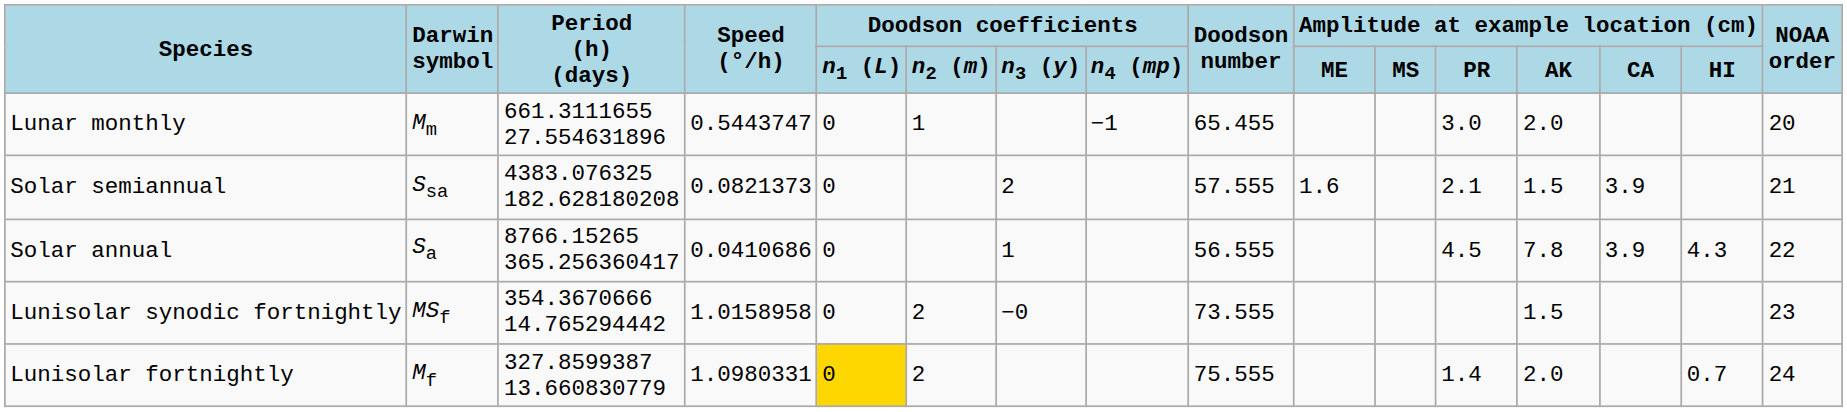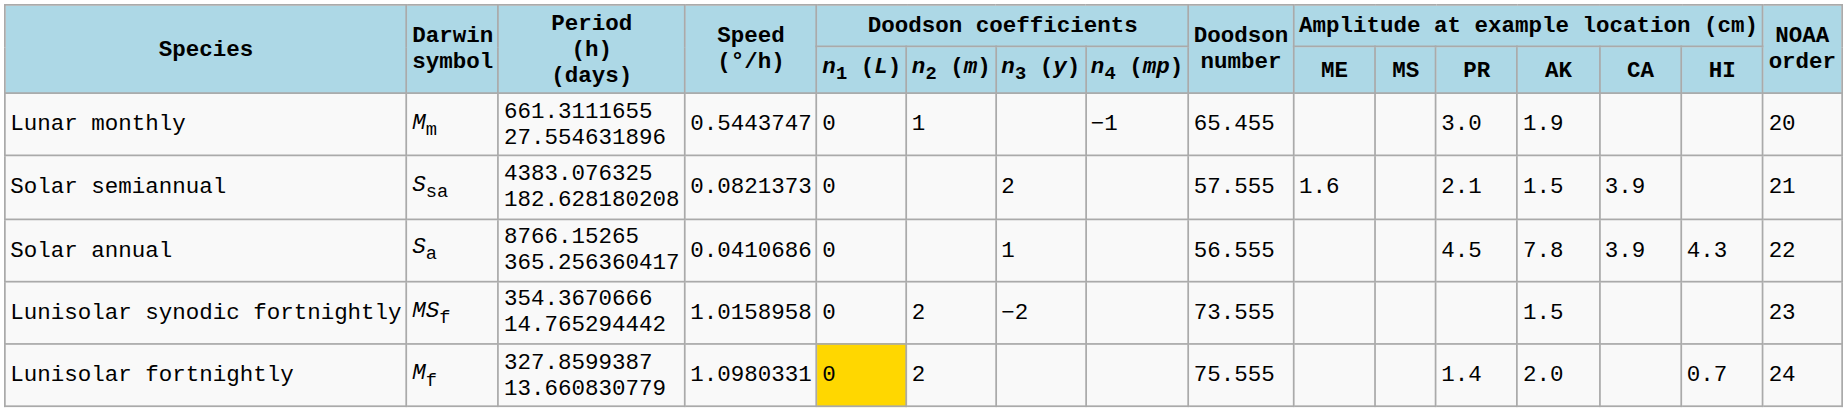 <table class="wikitable" border:1; cellpadding:0; cellspacing:0; style="vertical-align:top; align:left;">
 <tr>
 <th rowspan="2" style="background-color:lightblue;">Species</th>
 <th rowspan="2" style="background-color:lightblue;">Darwin <br>symbol</th>
 <th rowspan="2" style="background-color:lightblue;">Period <br>(h)<br>(days)</th>
 <th rowspan="2" style="background-color:lightblue;">Speed <br>(°/h)</th>
 <th colspan="4" style="background-color:lightblue;">Doodson coefficients</th>
 <th rowspan="2" style="background-color:lightblue;">Doodson <br>number</th>
 <th colspan="6" style="background-color:lightblue;">Amplitude at example location (cm)</th>
 <th rowspan="2" style="background-color:lightblue;">NOAA <br>order</th>
 </tr>
 <tr>
 <th style="background-color:lightblue;"><em>n</em><sub>1</sub> (<em>L</em>)</th>
 <th style="background-color:lightblue;"><em>n</em><sub>2</sub> (<em>m</em>)</th>
 <th style="background-color:lightblue;"><em>n</em><sub>3</sub> (<em>y</em>)</th>
 <th style="background-color:lightblue;"><em>n</em><sub>4</sub> (<em>mp</em>)</th>
 <th style="background-color:lightblue;">ME</th>
 <th style="background-color:lightblue;">MS</th>
 <th style="background-color:lightblue;">PR</th>
 <th style="background-color:lightblue;">AK</th>
 <th style="background-color:lightblue;">CA</th>
 <th style="background-color:lightblue;">HI</th>
 </tr>
 <tr>
 <td>Lunar monthly</td>
 <td><em>M</em><sub>m</sub></td>
 <td>661.3111655<br>27.554631896</td>
 <td>0.5443747</td>
 <td>0</td>
 <td>1</td>
 <td></td>
 <td>−1</td>
 <td>65.455</td>
 <td></td>
 <td></td>
 <td>3.0</td>
-<td>2.0</td>
+<td>1.9</td>
 <td></td>
 <td></td>
 <td>20</td>
 </tr>
 <tr>
 <td>Solar semiannual</td>
 <td><em>S</em><sub>sa</sub></td>
 <td>4383.076325<br>182.628180208</td>
 <td>0.0821373</td>
 <td>0</td>
 <td></td>
 <td>2</td>
 <td></td>
 <td>57.555</td>
 <td>1.6</td>
 <td></td>
 <td>2.1</td>
 <td>1.5</td>
 <td>3.9</td>
 <td></td>
 <td>21</td>
 </tr>
 <tr>
 <td>Solar annual</td>
 <td><em>S</em><sub>a</sub></td>
 <td>8766.15265<br>365.256360417</td>
 <td>0.0410686</td>
 <td>0</td>
 <td></td>
 <td>1</td>
 <td></td>
 <td>56.555</td>
 <td></td>
 <td></td>
 <td>4.5</td>
 <td>7.8</td>
 <td>3.9</td>
 <td>4.3</td>
 <td>22</td>
 </tr>
 <tr>
 <td>Lunisolar synodic fortnightly</td>
 <td><em>MS</em><sub>f</sub></td>
 <td>354.3670666<br>14.765294442</td>
 <td>1.0158958</td>
 <td>0</td>
 <td>2</td>
-<td>−0</td>
+<td>−2</td>
 <td></td>
 <td>73.555</td>
 <td></td>
 <td></td>
 <td></td>
 <td>1.5</td>
 <td></td>
 <td></td>
 <td>23</td>
 </tr>
 <tr>
 <td>Lunisolar fortnightly</td>
 <td><em>M</em><sub>f</sub></td>
 <td>327.8599387<br>13.660830779</td>
 <td>1.0980331</td>
 <td style="background: gold;">0</td>
 <td>2</td>
 <td></td>
 <td></td>
 <td>75.555</td>
 <td></td>
 <td></td>
 <td>1.4</td>
 <td>2.0</td>
 <td></td>
 <td>0.7</td>
 <td>24</td>
 </tr>
 </table>
